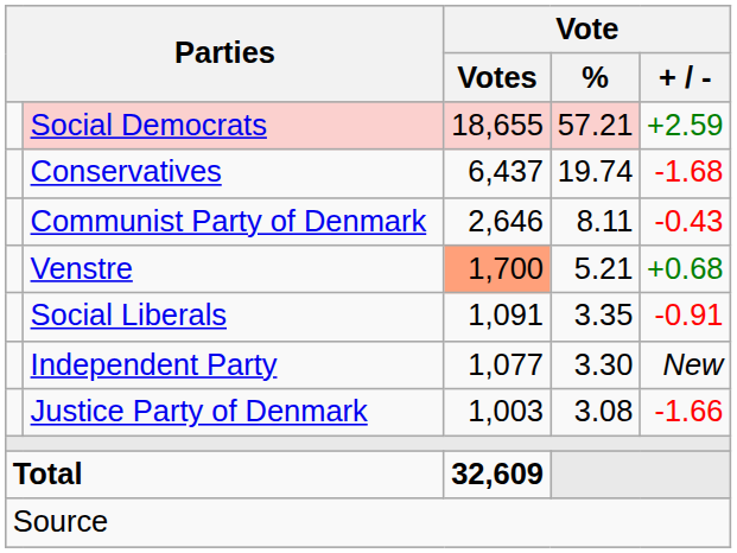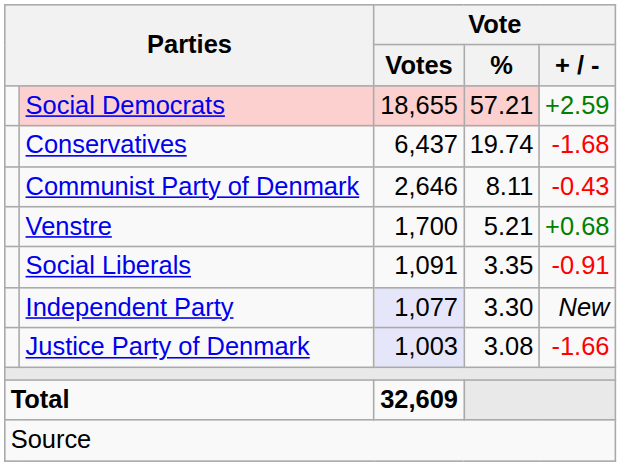 <table class="wikitable" style="text-align:right;">
 <tr>
 <th style="text-align:centre;" rowspan="2" colspan="2" width="225">Parties</th>
 <th colspan="3">Vote</th>
 </tr>
 <tr>
 <th width="15">Votes</th>
 <th width="15">%</th>
 <th width="15">+ / -</th>
 </tr>
 <tr>
 <td width="2" style="color:inherit;background:"></td>
 <td bgcolor=#fbd0ce  align="left"><a href='#'>Social Democrats</a></td>
 <td bgcolor=#fbd0ce>18,655</td>
 <td bgcolor=#fbd0ce>57.21</td>
 <td style=color:green;>+2.59</td>
 </tr>
 <tr>
 <td width="2" style="color:inherit;background:"></td>
 <td align="left"><a href='#'>Conservatives</a></td>
 <td>6,437</td>
 <td>19.74</td>
 <td style=color:red;>-1.68</td>
 </tr>
 <tr>
 <td width="2" style="color:inherit;background:"></td>
 <td align="left"><a href='#'>Communist Party of Denmark</a></td>
 <td>2,646</td>
 <td>8.11</td>
 <td style=color:red;>-0.43</td>
 </tr>
 <tr>
 <td width="2" style="color:inherit;background:"></td>
 <td align="left"><a href='#'>Venstre</a></td>
-<td style="background: lightsalmon;">1,700</td>
+<td>1,700</td>
 <td>5.21</td>
 <td style=color:green;>+0.68</td>
 </tr>
 <tr>
 <td width="2" style="color:inherit;background:"></td>
 <td align="left"><a href='#'>Social Liberals</a></td>
 <td>1,091</td>
 <td>3.35</td>
 <td style=color:red;>-0.91</td>
 </tr>
 <tr>
 <td width="2" style="color:inherit;background:"></td>
 <td align="left"><a href='#'>Independent Party</a></td>
-<td>1,077</td>
+<td style="background: lavender;">1,077</td>
 <td>3.30</td>
 <td><em>New</em></td>
 </tr>
 <tr>
 <td width="2" style="color:inherit;background:"></td>
 <td align="left"><a href='#'>Justice Party of Denmark</a></td>
-<td>1,003</td>
+<td style="background: lavender;">1,003</td>
 <td>3.08</td>
 <td style=color:red;>-1.66</td>
 </tr>
 <tr>
 <td colspan="7" bgcolor="#E9E9E9"></td>
 </tr>
 <tr>
 <td align="left" colspan="2"><strong>Total</strong></td>
 <td><strong>32,609</strong></td>
 <td bgcolor="#E9E9E9" colspan="2"></td>
 </tr>
 <tr>
 <td align="left" colspan="6">Source</td>
 </tr>
 </table>
